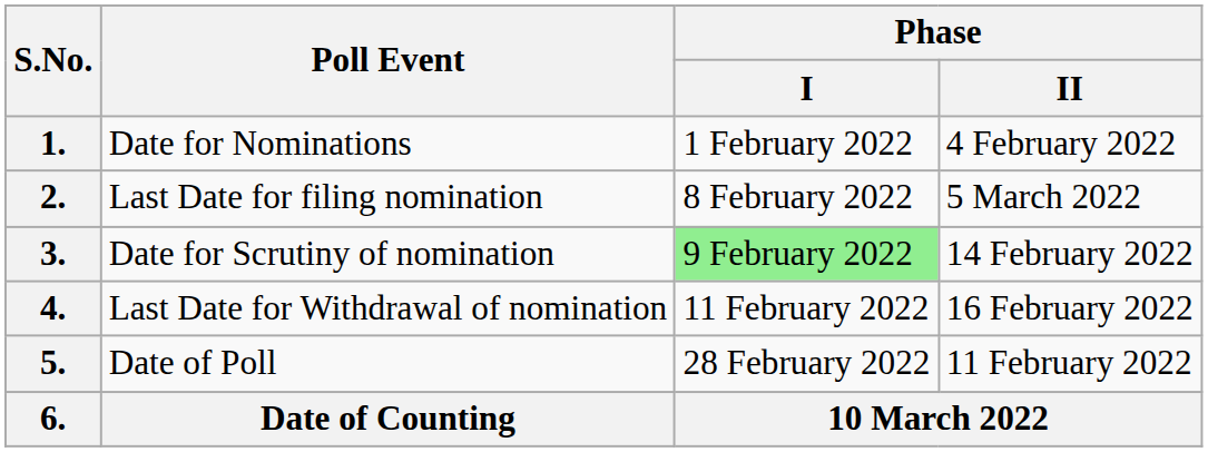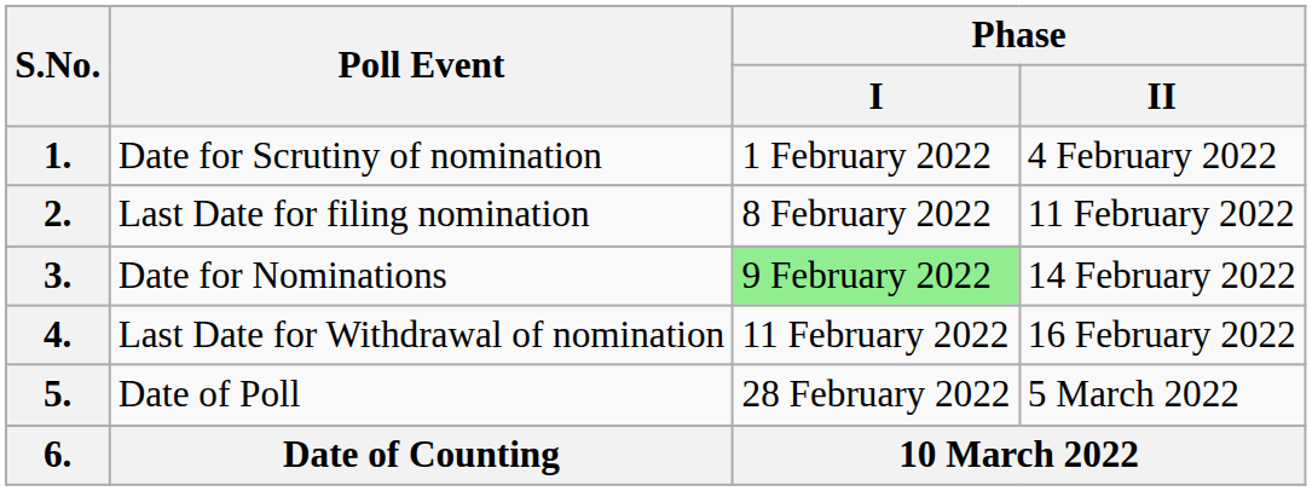 <table class="wikitable">
 <tr>
 <th rowspan="2">S.No.</th>
 <th rowspan="2">Poll Event</th>
 <th colspan="2">Phase</th>
 </tr>
 <tr>
 <th>I</th>
 <th>II</th>
 </tr>
 <tr>
 <th>1.</th>
-<td>Date for Nominations</td>
+<td>Date for Scrutiny of nomination</td>
 <td>1 February 2022</td>
 <td>4 February 2022</td>
 </tr>
 <tr>
 <th>2.</th>
 <td>Last Date for filing nomination</td>
 <td>8 February 2022</td>
-<td>5 March 2022</td>
+<td>11 February 2022</td>
 </tr>
 <tr>
 <th>3.</th>
-<td>Date for Scrutiny of nomination</td>
+<td>Date for Nominations</td>
 <td style="background: lightgreen;">9 February 2022</td>
 <td>14 February 2022</td>
 </tr>
 <tr>
 <th>4.</th>
 <td>Last Date for Withdrawal of nomination</td>
 <td>11 February 2022</td>
 <td>16 February 2022</td>
 </tr>
 <tr>
 <th>5.</th>
 <td>Date of Poll</td>
 <td>28 February 2022</td>
-<td>11 February 2022</td>
+<td>5 March 2022</td>
 </tr>
 <tr>
 <th>6.</th>
 <th><strong>Date of Counting</strong></th>
 <th colspan="2" style="text-align:center"><strong>10 March 2022</strong></th>
 </tr>
 </table>
